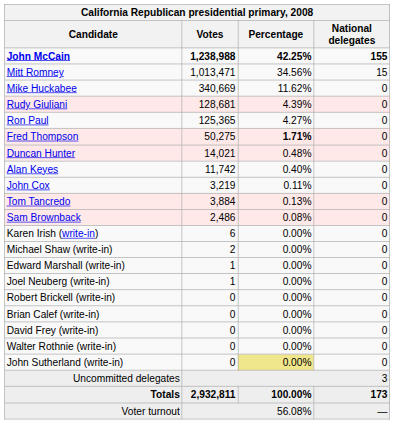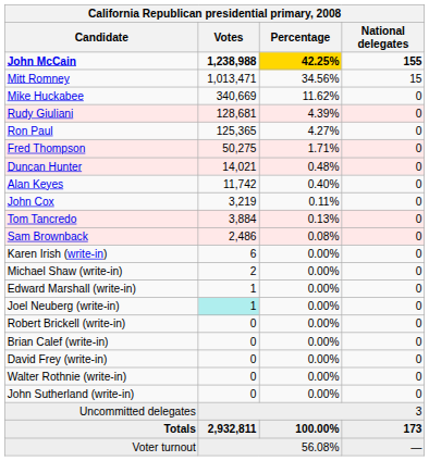 <table class="wikitable" style="font-size:95%;">
 <tr>
 <th colspan="4">California Republican presidential primary, 2008</th>
 </tr>
 <tr>
 <th style="width: 17em">Candidate</th>
 <th style="width: 5em">Votes</th>
 <th style="width: 7em">Percentage</th>
 <th style="width: 7em">National delegates</th>
 </tr>
 <tr>
 <td><strong><a href='#'>John McCain</a></strong></td>
 <td align="right"><strong>1,238,988</strong></td>
-<td align="right"><strong>42.25%</strong></td>
+<td align="right" style="background: gold;"><strong>42.25%</strong></td>
 <td align="right"><strong>155</strong></td>
 </tr>
 <tr>
 <td><a href='#'>Mitt Romney</a></td>
 <td align="right">1,013,471</td>
 <td align="right">34.56%</td>
 <td align="right">15</td>
 </tr>
 <tr>
 <td><a href='#'>Mike Huckabee</a></td>
 <td align="right">340,669</td>
 <td align="right">11.62%</td>
 <td align="right">0</td>
 </tr>
 <tr bgcolor=#FFE8E8>
 <td><a href='#'>Rudy Giuliani</a></td>
 <td align="right">128,681</td>
 <td align="right">4.39%</td>
 <td align="right">0</td>
 </tr>
 <tr>
 <td><a href='#'>Ron Paul</a></td>
 <td align="right">125,365</td>
 <td align="right">4.27%</td>
 <td align="right">0</td>
 </tr>
 <tr bgcolor=#FFE8E8>
 <td><a href='#'>Fred Thompson</a></td>
 <td align="right">50,275</td>
-<td align="right"><strong>1.71%</strong></td>
+<td align="right">1.71%</td>
 <td align="right">0</td>
 </tr>
 <tr bgcolor=#FFE8E8>
 <td><a href='#'>Duncan Hunter</a></td>
 <td align="right">14,021</td>
 <td align="right">0.48%</td>
 <td align="right">0</td>
 </tr>
 <tr>
 <td><a href='#'>Alan Keyes</a></td>
 <td align="right">11,742</td>
 <td align="right">0.40%</td>
 <td align="right">0</td>
 </tr>
 <tr>
 <td><a href='#'>John Cox</a></td>
 <td align="right">3,219</td>
 <td align="right">0.11%</td>
 <td align="right">0</td>
 </tr>
 <tr bgcolor=#FFE8E8>
 <td><a href='#'>Tom Tancredo</a></td>
 <td align="right">3,884</td>
 <td align="right">0.13%</td>
 <td align="right">0</td>
 </tr>
 <tr bgcolor=#FFE8E8>
 <td><a href='#'>Sam Brownback</a></td>
 <td align="right">2,486</td>
 <td align="right">0.08%</td>
 <td align="right">0</td>
 </tr>
 <tr>
 <td>Karen Irish (<a href='#'>write-in</a>)</td>
 <td align="right">6</td>
 <td align="right">0.00%</td>
 <td align="right">0</td>
 </tr>
 <tr>
 <td>Michael Shaw (write-in)</td>
 <td align="right">2</td>
 <td align="right">0.00%</td>
 <td align="right">0</td>
 </tr>
 <tr>
 <td>Edward Marshall (write-in)</td>
 <td align="right">1</td>
 <td align="right">0.00%</td>
 <td align="right">0</td>
 </tr>
 <tr>
 <td>Joel Neuberg (write-in)</td>
-<td align="right">1</td>
+<td align="right" style="background: paleturquoise;">1</td>
 <td align="right">0.00%</td>
 <td align="right">0</td>
 </tr>
 <tr>
 <td>Robert Brickell (write-in)</td>
 <td align="right">0</td>
 <td align="right">0.00%</td>
 <td align="right">0</td>
 </tr>
 <tr>
 <td>Brian Calef (write-in)</td>
 <td align="right">0</td>
 <td align="right">0.00%</td>
 <td align="right">0</td>
 </tr>
 <tr>
 <td>David Frey (write-in)</td>
 <td align="right">0</td>
 <td align="right">0.00%</td>
 <td align="right">0</td>
 </tr>
 <tr>
 <td>Walter Rothnie (write-in)</td>
 <td align="right">0</td>
 <td align="right">0.00%</td>
 <td align="right">0</td>
 </tr>
 <tr>
 <td>John Sutherland (write-in)</td>
 <td align="right">0</td>
-<td align="right" style="background: khaki;">0.00%</td>
+<td align="right">0.00%</td>
 <td align="right">0</td>
 </tr>
 <tr bgcolor="#EEEEEE">
 <td align="right">Uncommitted delegates</td>
 <td colspan="3" align="right">3</td>
 </tr>
 <tr bgcolor="#EEEEEE">
 <td align="right"><strong>Totals</strong></td>
 <td align="right"><strong>2,932,811</strong></td>
 <td align="right"><strong>100.00%</strong></td>
 <td align="right"><strong>173</strong></td>
 </tr>
 <tr bgcolor="#EEEEEE">
 <td align="right">Voter turnout</td>
 <td colspan="2" align="right">56.08%</td>
 <td align="right">—</td>
 </tr>
 </table>
